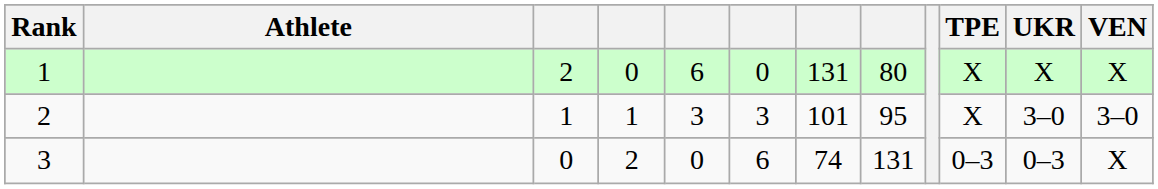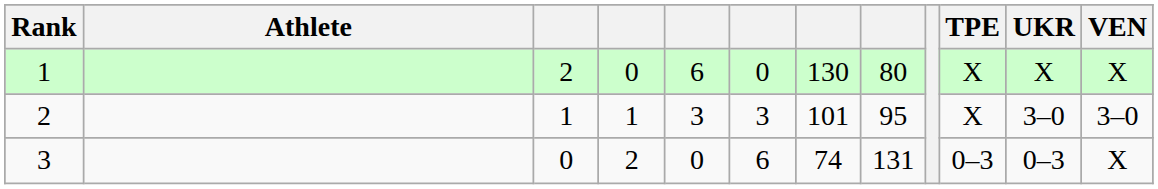 <table class="wikitable" style="text-align:center">
 <tr>
 <th>Rank</th>
 <th width=250>Athlete</th>
 <th width=30></th>
 <th width=30></th>
 <th width=30></th>
 <th width=30></th>
 <th width=30></th>
 <th width=30></th>
 <th rowspan=4></th>
 <th width=30>TPE</th>
 <th width=30>UKR</th>
 <th width=30>VEN</th>
 </tr>
 <tr style="background-color:#ccffcc;">
 <td>1</td>
 <td align=left></td>
 <td>2</td>
 <td>0</td>
 <td>6</td>
 <td>0</td>
-<td>131</td>
+<td>130</td>
 <td>80</td>
 <td>X</td>
 <td>X</td>
 <td>X</td>
 </tr>
 <tr>
 <td>2</td>
 <td align=left></td>
 <td>1</td>
 <td>1</td>
 <td>3</td>
 <td>3</td>
 <td>101</td>
 <td>95</td>
 <td>X</td>
 <td>3–0</td>
 <td>3–0</td>
 </tr>
 <tr>
 <td>3</td>
 <td align=left></td>
 <td>0</td>
 <td>2</td>
 <td>0</td>
 <td>6</td>
 <td>74</td>
 <td>131</td>
 <td>0–3</td>
 <td>0–3</td>
 <td>X</td>
 </tr>
 </table>
